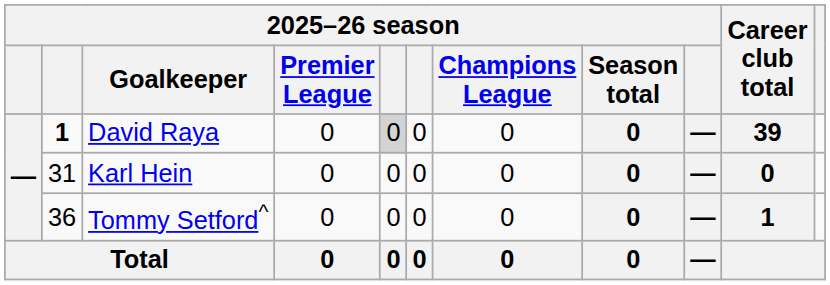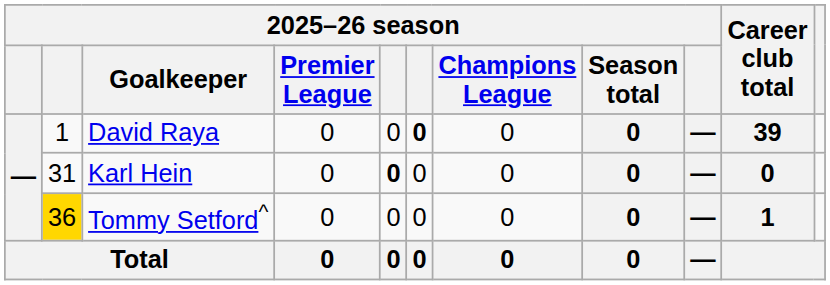 <table class="wikitable sortable" style="text-align:center; font-size:90%;">
 <tr>
 <th colspan="9">2025–26 season</th>
 <th rowspan="2">Career<br>club<br>total</th>
 <th rowspan="2" class="unsortable"></th>
 </tr>
 <tr>
 <th></th>
 <th></th>
 <th>Goalkeeper</th>
 <th><a href='#'>Premier<br>League</a></th>
 <th></th>
 <th></th>
 <th><a href='#'>Champions<br>League</a></th>
 <th>Season<br>total</th>
 <th></th>
 </tr>
 <tr>
 <th rowspan="3">—</th>
-<td><strong>1</strong></td>
+<td>1</td>
 <td style="text-align:left;" data-sort-value="Raya"> <a href='#'>David Raya</a></td>
 <td>0</td>
-<td style="background: lightgrey;">0</td>
 <td>0</td>
+<td><strong>0</strong></td>
 <td>0</td>
 <th>0</th>
 <th>—</th>
 <th>39</th>
 <td></td>
 </tr>
 <tr>
 <td>31</td>
 <td style="text-align:left;" data-sort-value="Hein"> <a href='#'>Karl Hein</a></td>
 <td>0</td>
-<td>0</td>
+<td><strong>0</strong></td>
 <td>0</td>
 <td>0</td>
 <th>0</th>
 <th>—</th>
 <th>0</th>
 <td></td>
 </tr>
 <tr>
-<td>36</td>
+<td style="background: gold;">36</td>
 <td style="text-align:left;" data-sort-value="Setf"> <a href='#'>Tommy Setford</a><sup>^</sup></td>
 <td>0</td>
 <td>0</td>
 <td>0</td>
 <td>0</td>
 <th>0</th>
 <th>—</th>
 <th>1</th>
 <td></td>
 </tr>
 <tr>
 <th colspan="3">Total</th>
 <th>0</th>
 <th>0</th>
 <th>0</th>
 <th>0</th>
 <th>0</th>
 <th>—</th>
 <th colspan="2"></th>
 </tr>
 </table>
